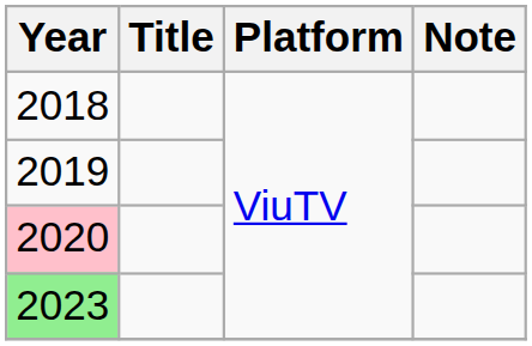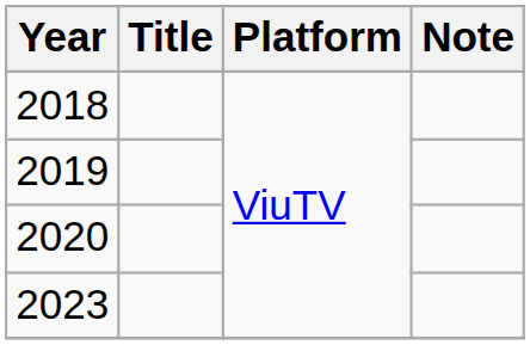 <table class="wikitable plainrowheaders">
 <tr>
 <th scope="col">Year</th>
 <th scope="col">Title</th>
 <th scope="col">Platform</th>
 <th scope="col">Note</th>
 </tr>
 <tr>
 <td>2018</td>
 <td></td>
 <td rowspan=4><a href='#'>ViuTV</a></td>
 <td></td>
 </tr>
 <tr>
 <td>2019</td>
 <td></td>
 <td></td>
 </tr>
 <tr>
-<td style="background: pink;">2020</td>
+<td>2020</td>
 <td></td>
 <td></td>
 </tr>
 <tr>
-<td style="background: lightgreen;">2023</td>
+<td>2023</td>
 <td><em></em></td>
 <td></td>
 </tr>
 <tr>
 </tr>
 </table>
